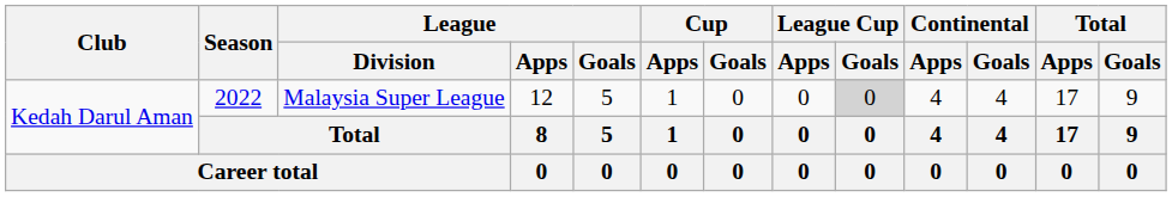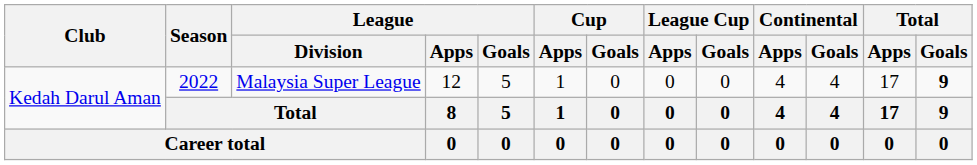 <table class="wikitable" style="text-align: center;">
 <tr>
 <th rowspan="2">Club</th>
 <th rowspan="2">Season</th>
 <th colspan="3">League</th>
 <th colspan="2">Cup</th>
 <th colspan="2">League Cup</th>
 <th colspan="2">Continental</th>
 <th colspan="2">Total</th>
 </tr>
 <tr>
 <th>Division</th>
 <th>Apps</th>
 <th>Goals</th>
 <th>Apps</th>
 <th>Goals</th>
 <th>Apps</th>
 <th>Goals</th>
 <th>Apps</th>
 <th>Goals</th>
 <th>Apps</th>
 <th>Goals</th>
 </tr>
 <tr>
 <td rowspan="2" valign="center"><a href='#'>Kedah Darul Aman</a></td>
 <td><a href='#'>2022</a></td>
 <td><a href='#'>Malaysia Super League</a></td>
 <td>12</td>
 <td>5</td>
 <td>1</td>
 <td>0</td>
 <td>0</td>
-<td style="background: lightgrey;">0</td>
+<td>0</td>
 <td>4</td>
 <td>4</td>
 <td>17</td>
-<td>9</td>
+<td><strong>9</strong></td>
 </tr>
 <tr>
 <th colspan=2>Total</th>
 <th>8</th>
 <th>5</th>
 <th>1</th>
 <th>0</th>
 <th>0</th>
 <th>0</th>
 <th>4</th>
 <th>4</th>
 <th>17</th>
 <th>9</th>
 </tr>
 <tr>
 <th colspan="3">Career total</th>
 <th>0</th>
 <th>0</th>
 <th>0</th>
 <th>0</th>
 <th>0</th>
 <th>0</th>
 <th>0</th>
 <th>0</th>
 <th>0</th>
 <th>0</th>
 </tr>
 </table>
